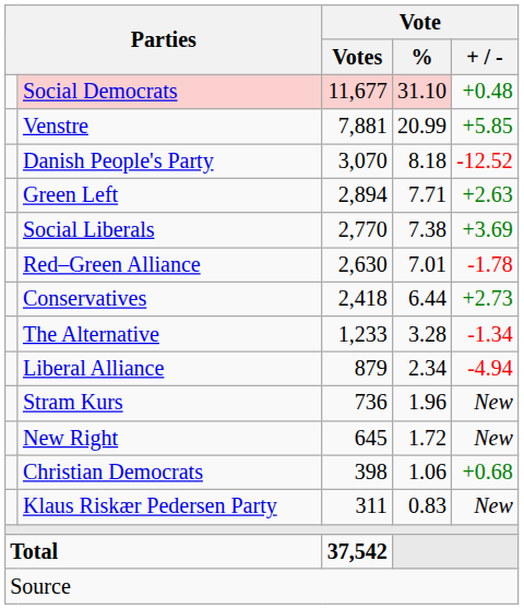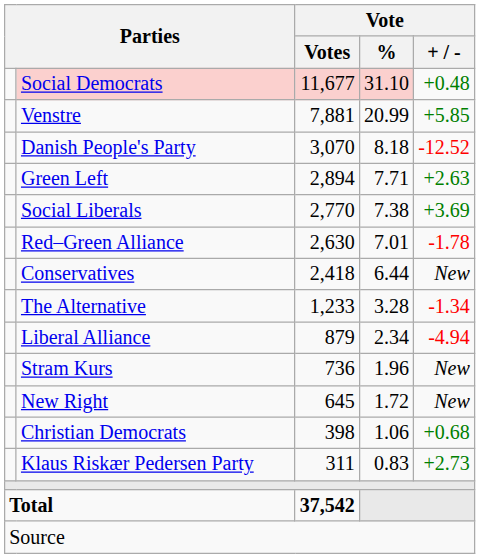 <table class="wikitable" style="text-align:right;">
 <tr>
 <th style="text-align:centre;" rowspan="2" colspan="2" width="225">Parties</th>
 <th colspan="3">Vote</th>
 </tr>
 <tr>
 <th width="15">Votes</th>
 <th width="15">%</th>
 <th width="15">+ / -</th>
 </tr>
 <tr>
 <td width="2" style="color:inherit;background:"></td>
 <td bgcolor=#fbd0ce  align="left"><a href='#'>Social Democrats</a></td>
 <td bgcolor=#fbd0ce>11,677</td>
 <td bgcolor=#fbd0ce>31.10</td>
 <td style=color:green;>+0.48</td>
 </tr>
 <tr>
 <td width="2" style="color:inherit;background:"></td>
 <td align="left"><a href='#'>Venstre</a></td>
 <td>7,881</td>
 <td>20.99</td>
 <td style=color:green;>+5.85</td>
 </tr>
 <tr>
 <td width="2" style="color:inherit;background:"></td>
 <td align="left"><a href='#'>Danish People's Party</a></td>
 <td>3,070</td>
 <td>8.18</td>
 <td style=color:red;>-12.52</td>
 </tr>
 <tr>
 <td width="2" style="color:inherit;background:"></td>
 <td align="left"><a href='#'>Green Left</a></td>
 <td>2,894</td>
 <td>7.71</td>
 <td style=color:green;>+2.63</td>
 </tr>
 <tr>
 <td width="2" style="color:inherit;background:"></td>
 <td align="left"><a href='#'>Social Liberals</a></td>
 <td>2,770</td>
 <td>7.38</td>
 <td style=color:green;>+3.69</td>
 </tr>
 <tr>
 <td width="2" style="color:inherit;background:"></td>
 <td align="left"><a href='#'>Red–Green Alliance</a></td>
 <td>2,630</td>
 <td>7.01</td>
 <td style=color:red;>-1.78</td>
 </tr>
 <tr>
 <td width="2" style="color:inherit;background:"></td>
 <td align="left"><a href='#'>Conservatives</a></td>
 <td>2,418</td>
 <td>6.44</td>
-<td style=color:green;>+2.73</td>
+<td><em>New</em></td>
 </tr>
 <tr>
 <td width="2" style="color:inherit;background:"></td>
 <td align="left"><a href='#'>The Alternative</a></td>
 <td>1,233</td>
 <td>3.28</td>
 <td style=color:red;>-1.34</td>
 </tr>
 <tr>
 <td width="2" style="color:inherit;background:"></td>
 <td align="left"><a href='#'>Liberal Alliance</a></td>
 <td>879</td>
 <td>2.34</td>
 <td style=color:red;>-4.94</td>
 </tr>
 <tr>
 <td width="2" style="color:inherit;background:"></td>
 <td align="left"><a href='#'>Stram Kurs</a></td>
 <td>736</td>
 <td>1.96</td>
 <td><em>New</em></td>
 </tr>
 <tr>
 <td width="2" style="color:inherit;background:"></td>
 <td align="left"><a href='#'>New Right</a></td>
 <td>645</td>
 <td>1.72</td>
 <td><em>New</em></td>
 </tr>
 <tr>
 <td width="2" style="color:inherit;background:"></td>
 <td align="left"><a href='#'>Christian Democrats</a></td>
 <td>398</td>
 <td>1.06</td>
 <td style=color:green;>+0.68</td>
 </tr>
 <tr>
 <td width="2" style="color:inherit;background:"></td>
 <td align="left"><a href='#'>Klaus Riskær Pedersen Party</a></td>
 <td>311</td>
 <td>0.83</td>
-<td><em>New</em></td>
+<td style=color:green;>+2.73</td>
 </tr>
 <tr>
 <td colspan="7" bgcolor="#E9E9E9"></td>
 </tr>
 <tr>
 <td align="left" colspan="2"><strong>Total</strong></td>
 <td><strong>37,542</strong></td>
 <td bgcolor="#E9E9E9" colspan="2"></td>
 </tr>
 <tr>
 <td align="left" colspan="6">Source</td>
 </tr>
 </table>
